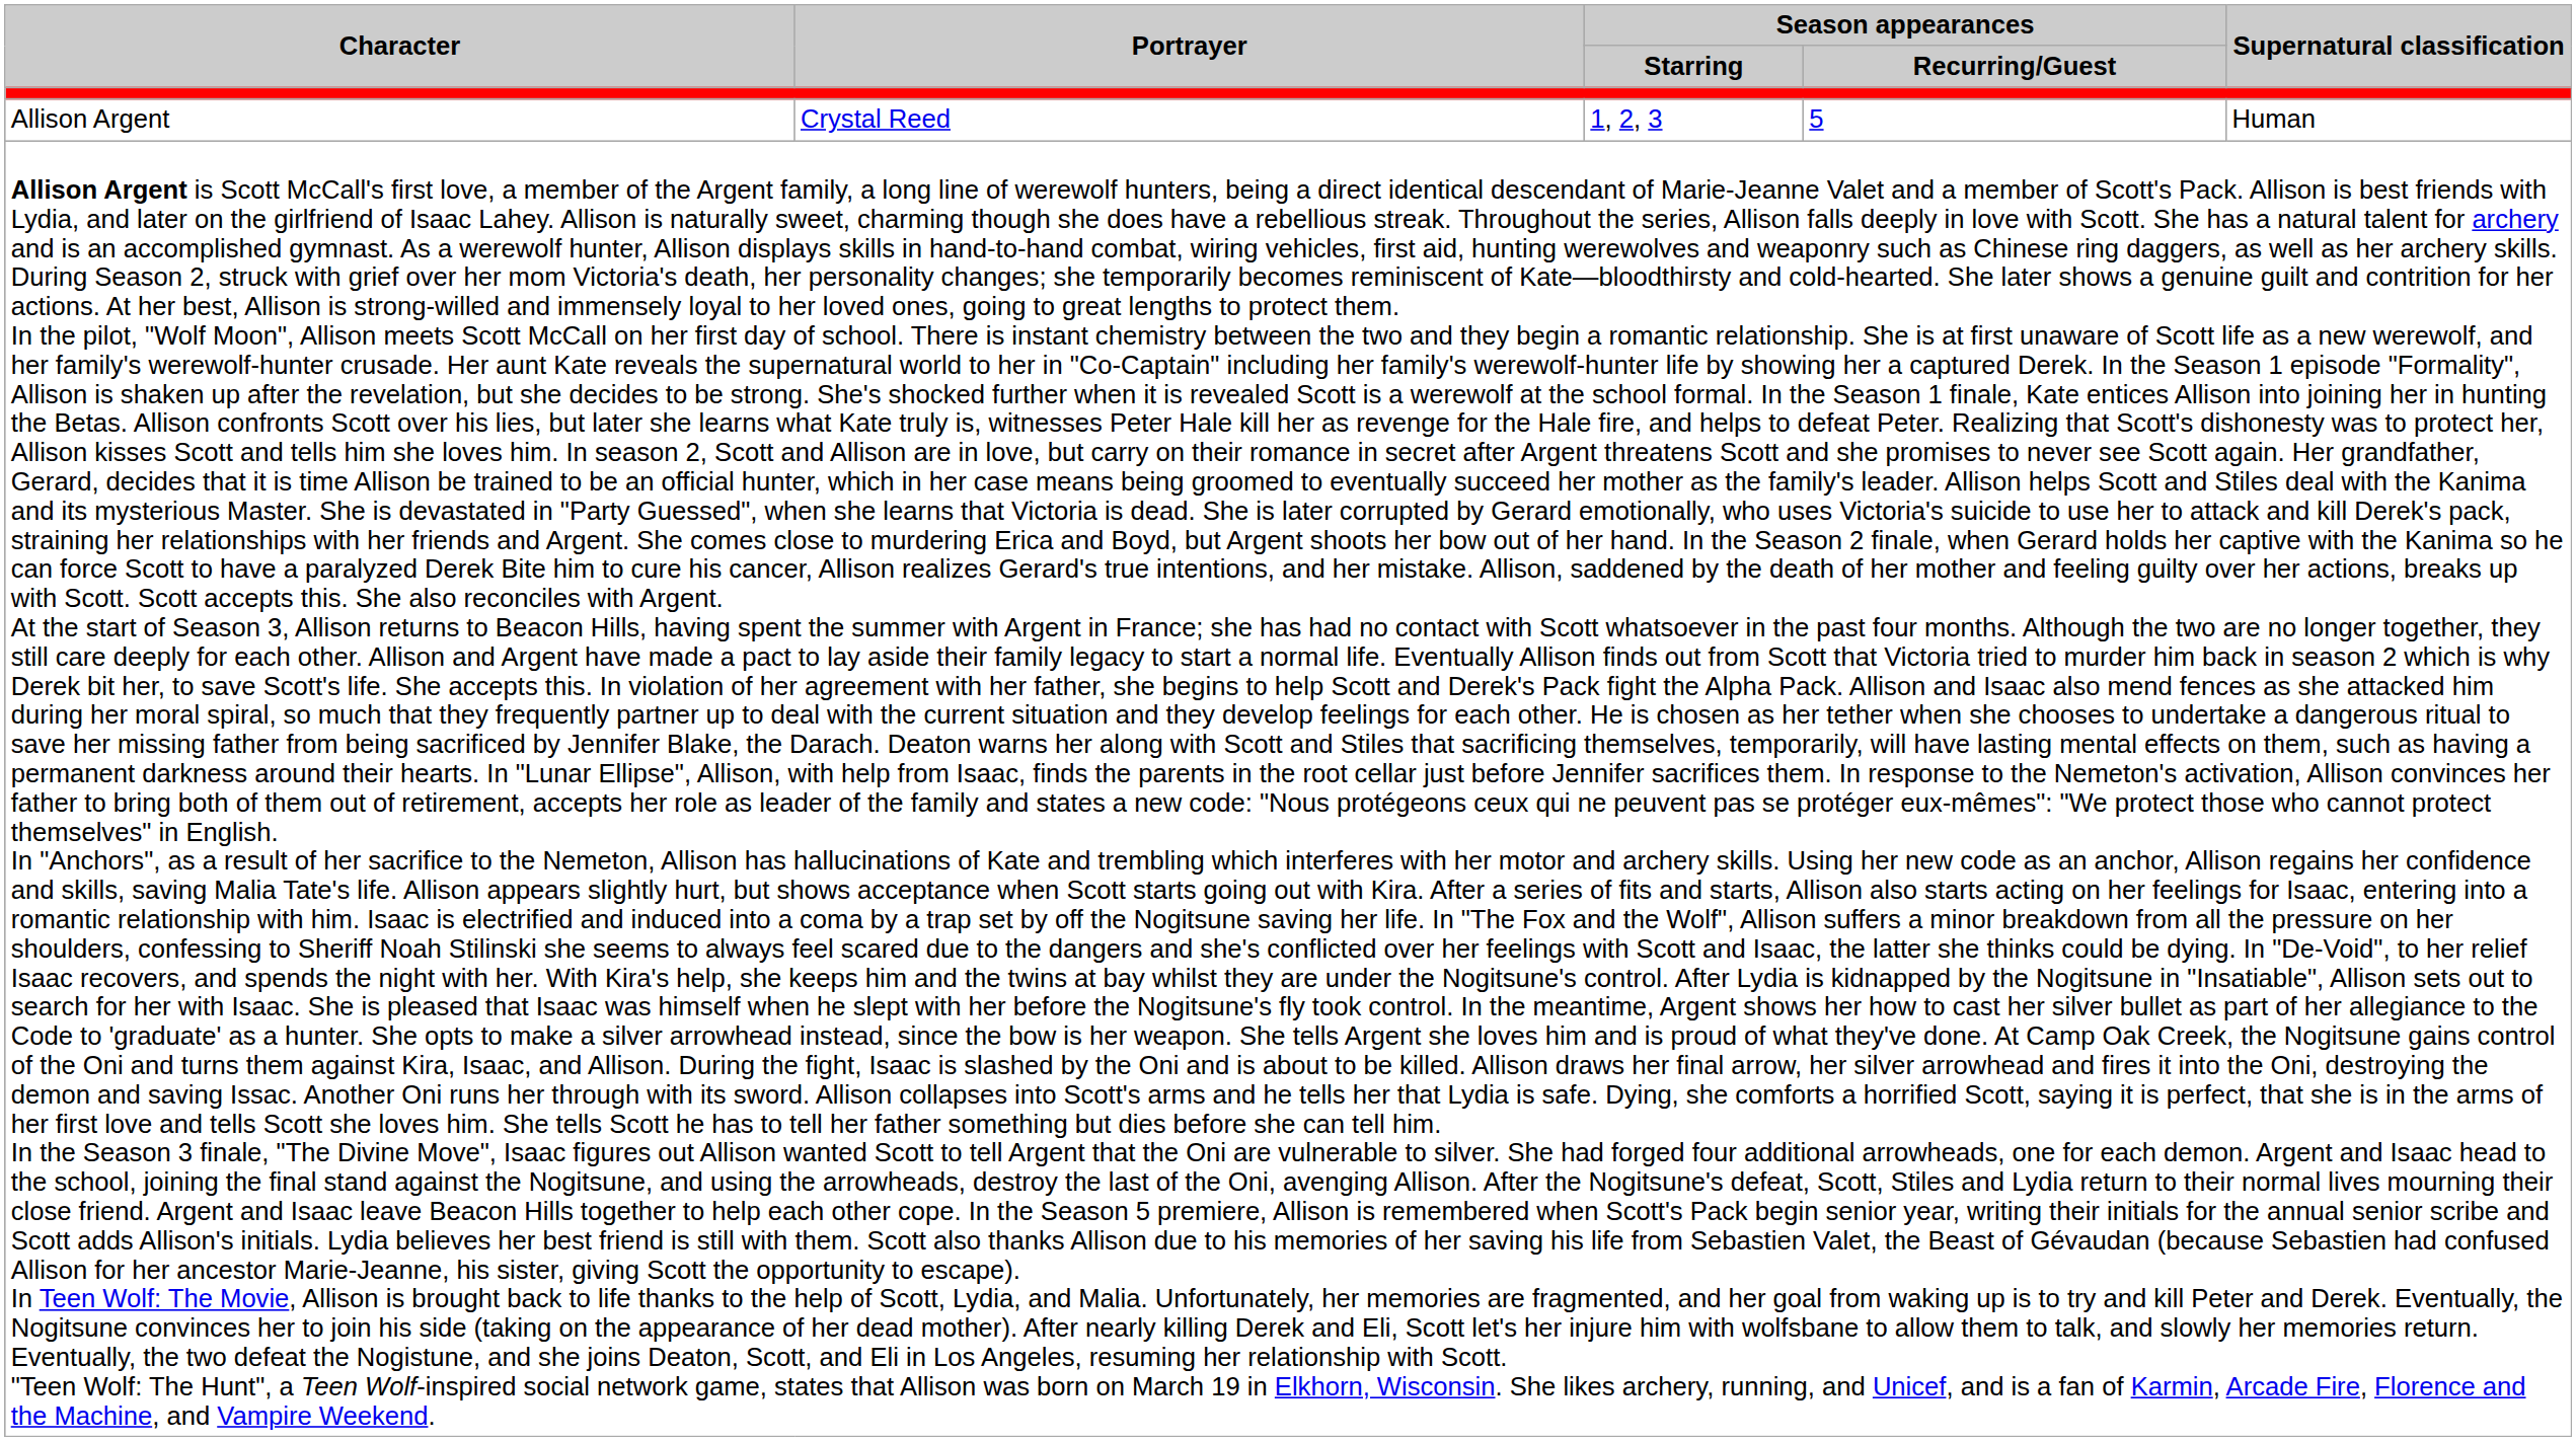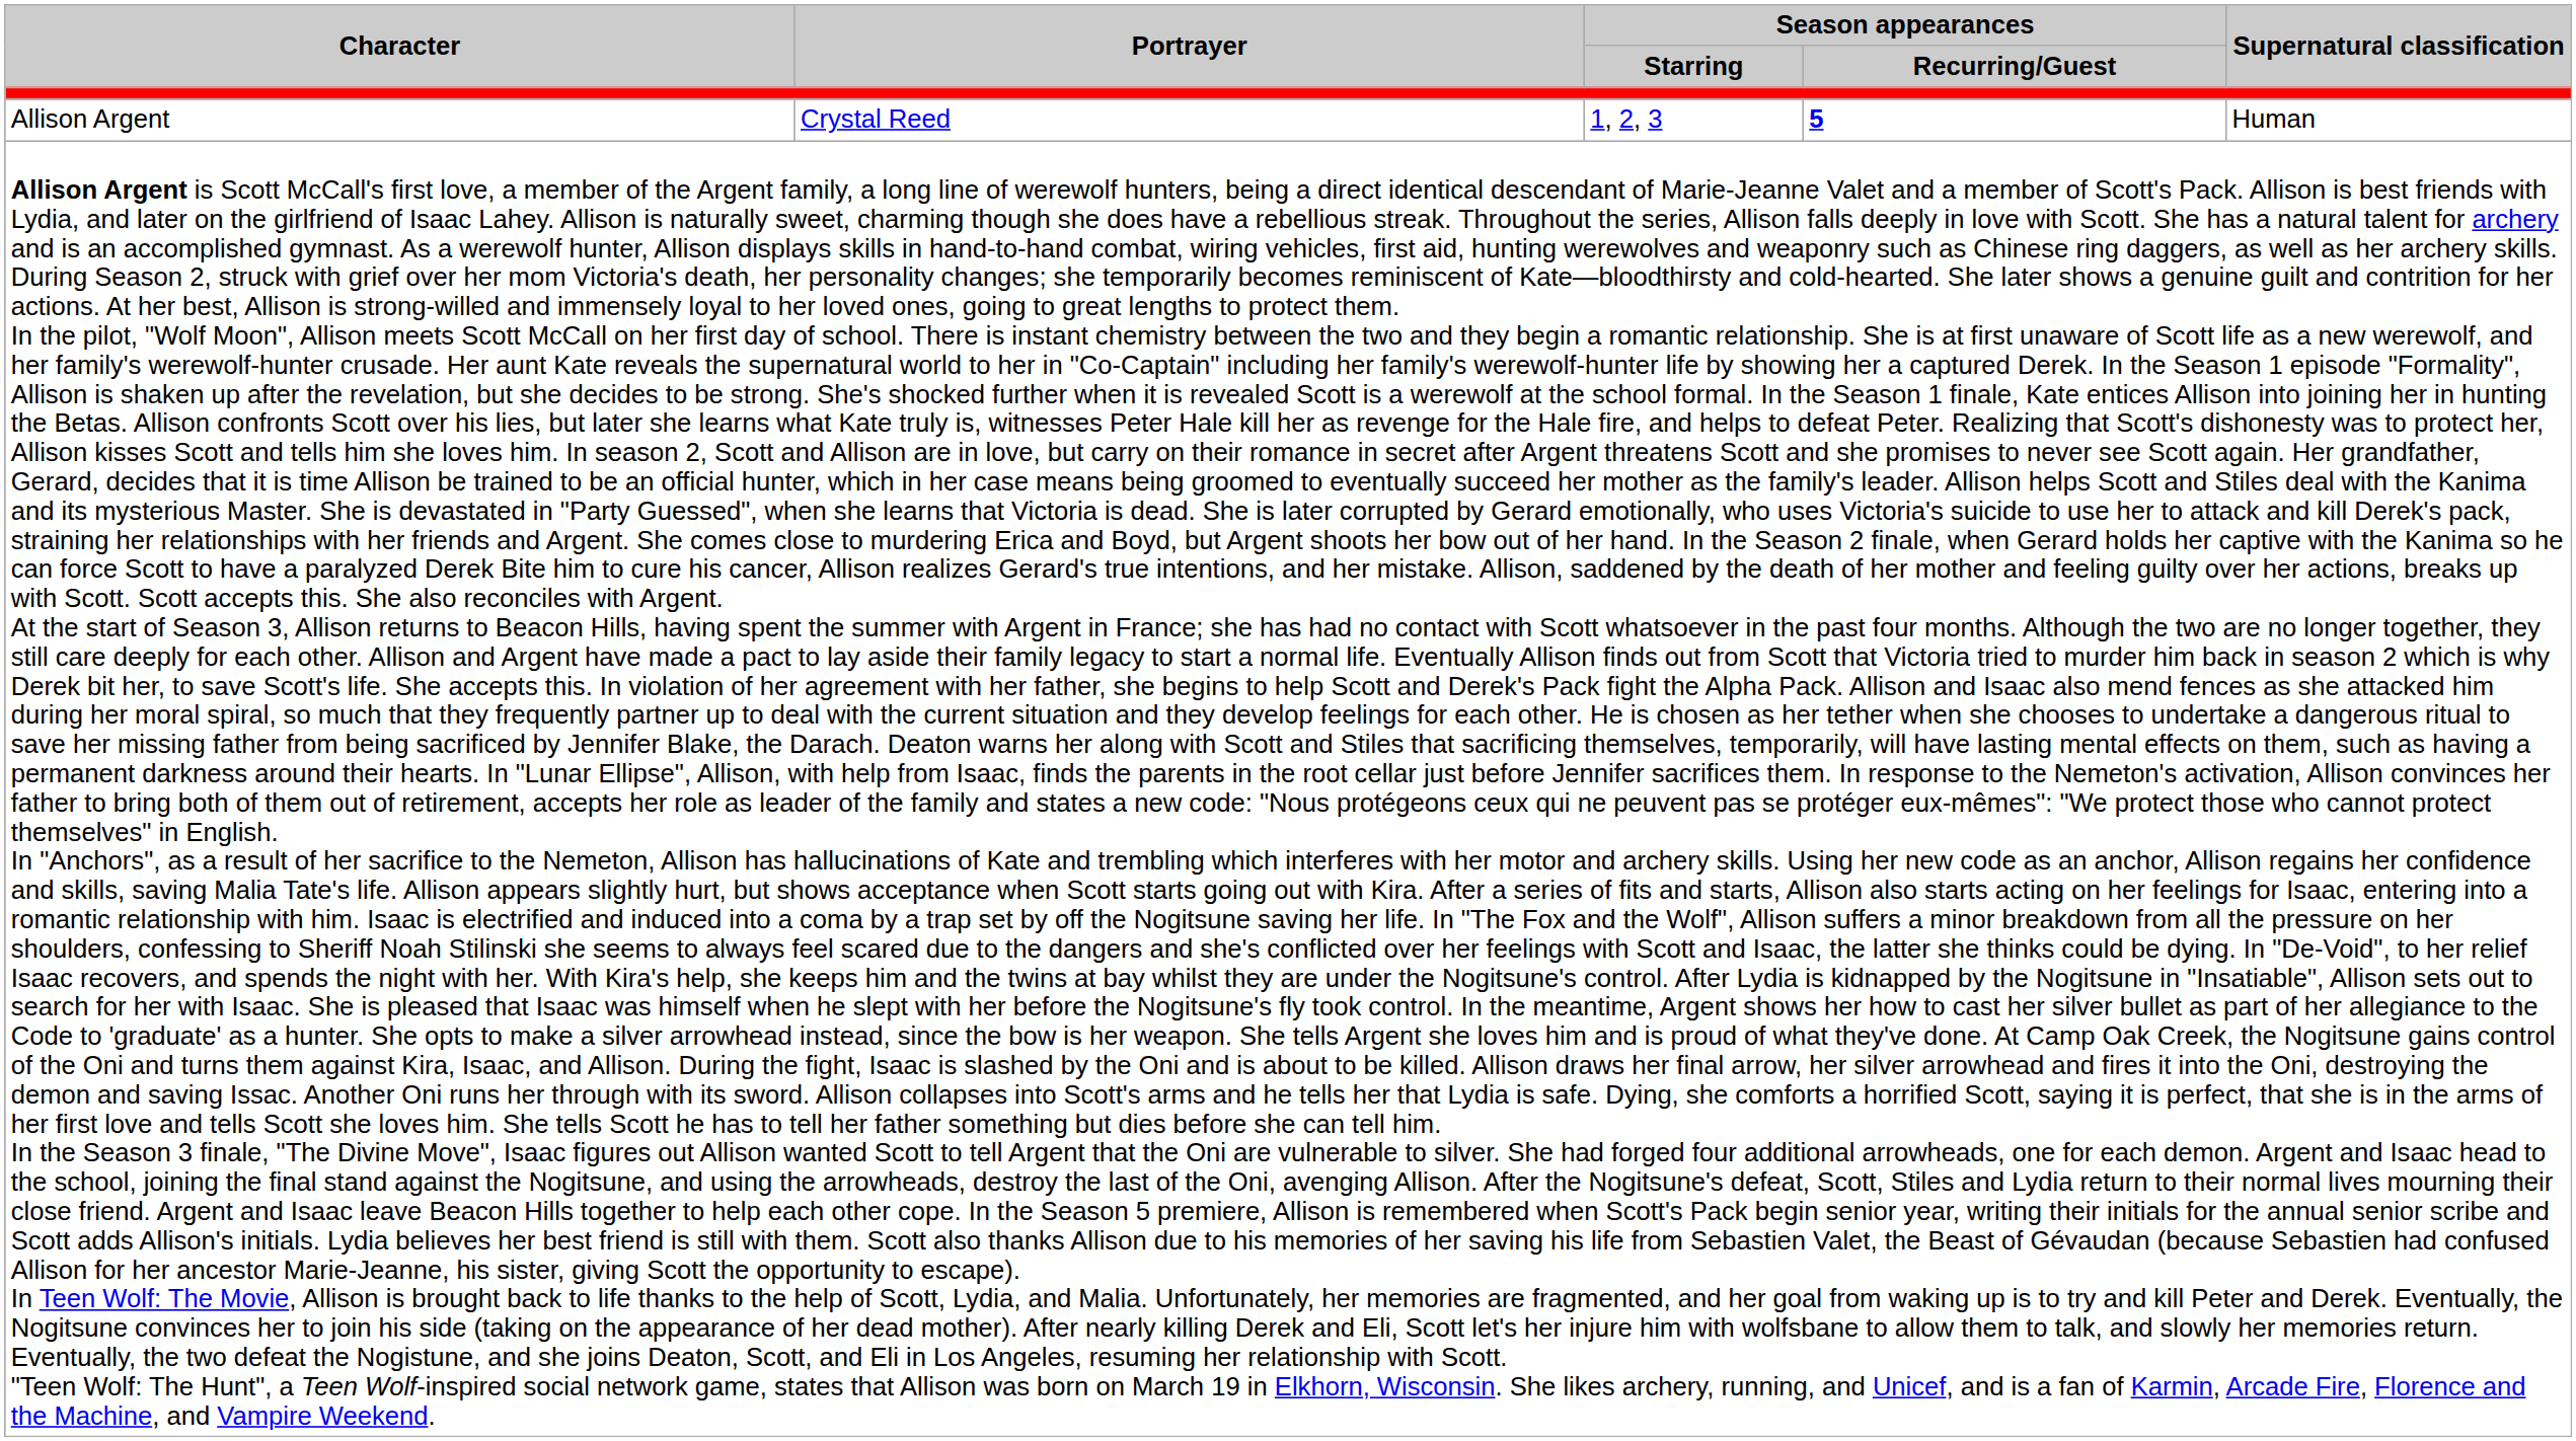 <table class="wikitable sortable" style="width:100%; margin-right:auto; background:#fff;">
 <tr style="color:black">
 <th rowspan="2" style="background:#ccc; width:16%;">Character</th>
 <th rowspan="2" style="background:#ccc; width:16%;">Portrayer</th>
 <th colspan="2" style="background:#ccc; width:13%;">Season appearances</th>
 <th rowspan="2" style="background:#ccc; width:7%;">Supernatural classification</th>
 </tr>
 <tr>
 <th style="background:#ccc;">Starring</th>
 <th style="background:#ccc;">Recurring/Guest</th>
 </tr>
 <tr>
 <td colspan="5" style="background:red;"></td>
 </tr>
 <tr>
 <td id="Allison">Allison Argent</td>
 <td><a href='#'>Crystal Reed</a></td>
 <td><a href='#'>1</a>, <a href='#'>2</a>, <a href='#'>3</a></td>
-<td><a href='#'>5</a></td>
+<td><strong><a href='#'>5</a></strong></td>
 <td>Human</td>
 </tr>
 <tr>
 <td colspan=5><br><strong>Allison Argent</strong> is Scott McCall's first love, a member of the Argent family, a long line of werewolf hunters, being a direct identical descendant of Marie-Jeanne Valet and a member of Scott's Pack. Allison is best friends with Lydia, and later on the girlfriend of Isaac Lahey. Allison is naturally sweet, charming though she does have a rebellious streak. Throughout the series, Allison falls deeply in love with Scott. She has a natural talent for <a href='#'>archery</a> and is an accomplished gymnast. As a werewolf hunter, Allison displays skills in hand-to-hand combat, wiring vehicles, first aid, hunting werewolves and weaponry such as Chinese ring daggers, as well as her archery skills. During Season 2, struck with grief over her mom Victoria's death, her personality changes; she temporarily becomes reminiscent of Kate—bloodthirsty and cold-hearted. She later shows a genuine guilt and contrition for her actions. At her best, Allison is strong-willed and immensely loyal to her loved ones, going to great lengths to protect them.<br>In the pilot, "Wolf Moon", Allison meets Scott McCall on her first day of school. There is instant chemistry between the two and they begin a romantic relationship. She is at first unaware of Scott life as a new werewolf, and her family's werewolf-hunter crusade. Her aunt Kate reveals the supernatural world to her in "Co-Captain" including her family's werewolf-hunter life by showing her a captured Derek. In the Season 1 episode "Formality", Allison is shaken up after the revelation, but she decides to be strong. She's shocked further when it is revealed Scott is a werewolf at the school formal. In the Season 1 finale, Kate entices Allison into joining her in hunting the Betas. Allison confronts Scott over his lies, but later she learns what Kate truly is, witnesses Peter Hale kill her as revenge for the Hale fire, and helps to defeat Peter. Realizing that Scott's dishonesty was to protect her, Allison kisses Scott and tells him she loves him. In season 2, Scott and Allison are in love, but carry on their romance in secret after Argent threatens Scott and she promises to never see Scott again. Her grandfather, Gerard, decides that it is time Allison be trained to be an official hunter, which in her case means being groomed to eventually succeed her mother as the family's leader. Allison helps Scott and Stiles deal with the Kanima and its mysterious Master. She is devastated in "Party Guessed", when she learns that Victoria is dead. She is later corrupted by Gerard emotionally, who uses Victoria's suicide to use her to attack and kill Derek's pack, straining her relationships with her friends and Argent. She comes close to murdering Erica and Boyd, but Argent shoots her bow out of her hand. In the Season 2 finale, when Gerard holds her captive with the Kanima so he can force Scott to have a paralyzed Derek Bite him to cure his cancer, Allison realizes Gerard's true intentions, and her mistake. Allison, saddened by the death of her mother and feeling guilty over her actions, breaks up with Scott. Scott accepts this. She also reconciles with Argent.<br>At the start of Season 3, Allison returns to Beacon Hills, having spent the summer with Argent in France; she has had no contact with Scott whatsoever in the past four months. Although the two are no longer together, they still care deeply for each other. Allison and Argent have made a pact to lay aside their family legacy to start a normal life. Eventually Allison finds out from Scott that Victoria tried to murder him back in season 2 which is why Derek bit her, to save Scott's life. She accepts this. In violation of her agreement with her father, she begins to help Scott and Derek's Pack fight the Alpha Pack. Allison and Isaac also mend fences as she attacked him during her moral spiral, so much that they frequently partner up to deal with the current situation and they develop feelings for each other. He is chosen as her tether when she chooses to undertake a dangerous ritual to save her missing father from being sacrificed by Jennifer Blake, the Darach. Deaton warns her along with Scott and Stiles that sacrificing themselves, temporarily, will have lasting mental effects on them, such as having a permanent darkness around their hearts. In "Lunar Ellipse", Allison, with help from Isaac, finds the parents in the root cellar just before Jennifer sacrifices them. In response to the Nemeton's activation, Allison convinces her father to bring both of them out of retirement, accepts her role as leader of the family and states a new code: "Nous protégeons ceux qui ne peuvent pas se protéger eux-mêmes": "We protect those who cannot protect themselves" in English.<br>In "Anchors", as a result of her sacrifice to the Nemeton, Allison has hallucinations of Kate and trembling which interferes with her motor and archery skills. Using her new code as an anchor, Allison regains her confidence and skills, saving Malia Tate's life. Allison appears slightly hurt, but shows acceptance when Scott starts going out with Kira. After a series of fits and starts, Allison also starts acting on her feelings for Isaac, entering into a romantic relationship with him. Isaac is electrified and induced into a coma by a trap set by off the Nogitsune saving her life. In "The Fox and the Wolf", Allison suffers a minor breakdown from all the pressure on her shoulders, confessing to Sheriff Noah Stilinski she seems to always feel scared due to the dangers and she's conflicted over her feelings with Scott and Isaac, the latter she thinks could be dying. In "De-Void", to her relief Isaac recovers, and spends the night with her. With Kira's help, she keeps him and the twins at bay whilst they are under the Nogitsune's control. After Lydia is kidnapped by the Nogitsune in "Insatiable", Allison sets out to search for her with Isaac. She is pleased that Isaac was himself when he slept with her before the Nogitsune's fly took control. In the meantime, Argent shows her how to cast her silver bullet as part of her allegiance to the Code to 'graduate' as a hunter. She opts to make a silver arrowhead instead, since the bow is her weapon. She tells Argent she loves him and is proud of what they've done. At Camp Oak Creek, the Nogitsune gains control of the Oni and turns them against Kira, Isaac, and Allison. During the fight, Isaac is slashed by the Oni and is about to be killed. Allison draws her final arrow, her silver arrowhead and fires it into the Oni, destroying the demon and saving Issac. Another Oni runs her through with its sword. Allison collapses into Scott's arms and he tells her that Lydia is safe. Dying, she comforts a horrified Scott, saying it is perfect, that she is in the arms of her first love and tells Scott she loves him. She tells Scott he has to tell her father something but dies before she can tell him.<br>In the Season 3 finale, "The Divine Move", Isaac figures out Allison wanted Scott to tell Argent that the Oni are vulnerable to silver. She had forged four additional arrowheads, one for each demon. Argent and Isaac head to the school, joining the final stand against the Nogitsune, and using the arrowheads, destroy the last of the Oni, avenging Allison. After the Nogitsune's defeat, Scott, Stiles and Lydia return to their normal lives mourning their close friend. Argent and Isaac leave Beacon Hills together to help each other cope. In the Season 5 premiere, Allison is remembered when Scott's Pack begin senior year, writing their initials for the annual senior scribe and Scott adds Allison's initials. Lydia believes her best friend is still with them. Scott also thanks Allison due to his memories of her saving his life from Sebastien Valet, the Beast of Gévaudan (because Sebastien had confused Allison for her ancestor Marie-Jeanne, his sister, giving Scott the opportunity to escape).<br>In <a href='#'>Teen Wolf: The Movie</a>, Allison is brought back to life thanks to the help of Scott, Lydia, and Malia. Unfortunately, her memories are fragmented, and her goal from waking up is to try and kill Peter and Derek. Eventually, the Nogitsune convinces her to join his side (taking on the appearance of her dead mother). After nearly killing Derek and Eli, Scott let's her injure him with wolfsbane to allow them to talk, and slowly her memories return. Eventually, the two defeat the Nogistune, and she joins Deaton, Scott, and Eli in Los Angeles, resuming her relationship with Scott.<br>"Teen Wolf: The Hunt", a <em>Teen Wolf</em>-inspired social network game, states that Allison was born on March 19 in <a href='#'>Elkhorn, Wisconsin</a>. She likes archery, running, and <a href='#'>Unicef</a>, and is a fan of <a href='#'>Karmin</a>, <a href='#'>Arcade Fire</a>, <a href='#'>Florence and the Machine</a>, and <a href='#'>Vampire Weekend</a>.</td>
 </tr>
 </table>
